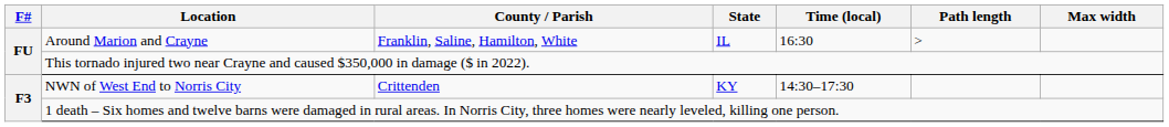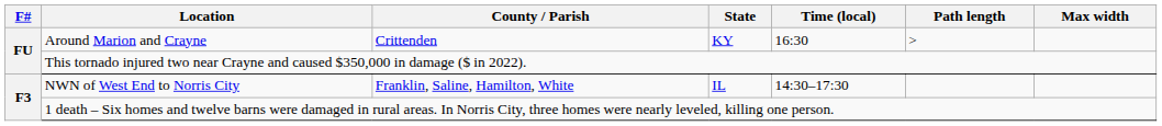 <table class="wikitable sortable" style="width:100%;">
 <tr>
 <th scope="col" align="center"><a href='#'>F#</a><br></th>
 <th scope="col" align="center" class="unsortable">Location</th>
 <th scope="col" align="center" class="unsortable">County / Parish</th>
 <th scope="col" align="center">State</th>
 <th scope="col" align="center">Time (local)</th>
 <th scope="col" align="center">Path length</th>
 <th scope="col" align="center">Max width</th>
 </tr>
 <tr>
 <th scope="row" rowspan="2" style="background-color:#">FU</th>
 <td>Around <a href='#'>Marion</a> and <a href='#'>Crayne</a></td>
-<td><a href='#'>Franklin</a>, <a href='#'>Saline</a>, <a href='#'>Hamilton</a>, <a href='#'>White</a></td>
-<td><a href='#'>IL</a></td>
+<td><a href='#'>Crittenden</a></td>
+<td><a href='#'>KY</a></td>
 <td>16:30</td>
 <td>></td>
 <td></td>
 </tr>
 <tr class="expand-child">
 <td colspan="6" style="border-bottom: 1px solid black;">This tornado injured two near Crayne and caused $350,000 in damage ($ in 2022).</td>
 </tr>
 <tr>
 <th scope="row" rowspan="2" style="background-color:#">F3</th>
 <td>NWN of <a href='#'>West End</a> to <a href='#'>Norris City</a></td>
-<td><a href='#'>Crittenden</a></td>
-<td><a href='#'>KY</a></td>
+<td><a href='#'>Franklin</a>, <a href='#'>Saline</a>, <a href='#'>Hamilton</a>, <a href='#'>White</a></td>
+<td><a href='#'>IL</a></td>
 <td>14:30–17:30</td>
 <td></td>
 <td></td>
 </tr>
 <tr class="expand-child">
 <td colspan="6" style="border-bottom: 1px solid black;">1 death – Six homes and twelve barns were damaged in rural areas. In Norris City, three homes were nearly leveled, killing one person.</td>
 </tr>
 </table>
